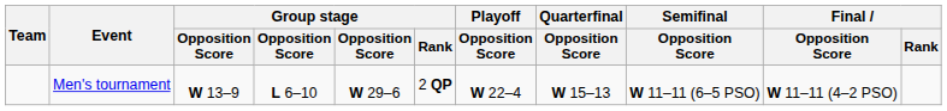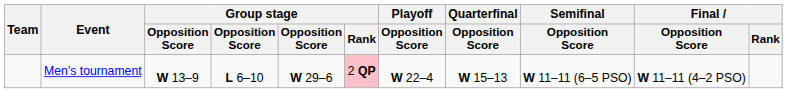 <table class="wikitable" style="text-align:center; font-size:90%;">
 <tr>
 <th rowspan=2>Team</th>
 <th rowspan=2>Event</th>
 <th colspan=4>Group stage</th>
 <th>Playoff</th>
 <th>Quarterfinal</th>
 <th>Semifinal</th>
 <th colspan=2>Final / </th>
 </tr>
 <tr style=font-size:95%>
 <th>Opposition<br>Score</th>
 <th>Opposition<br>Score</th>
 <th>Opposition<br>Score</th>
 <th>Rank</th>
 <th>Opposition<br>Score</th>
 <th>Opposition<br>Score</th>
 <th>Opposition<br>Score</th>
 <th>Opposition<br>Score</th>
 <th>Rank</th>
 </tr>
 <tr>
 <td align=left><strong></strong></td>
 <td align=left><a href='#'>Men's tournament</a></td>
 <td><br><strong>W</strong> 13–9</td>
 <td><br><strong>L</strong> 6–10</td>
 <td><br><strong>W</strong> 29–6</td>
-<td>2 <strong>QP</strong></td>
+<td style="background: pink;">2 <strong>QP</strong></td>
 <td><br><strong>W</strong> 22–4</td>
 <td><br><strong>W</strong> 15–13</td>
 <td><br><strong>W</strong> 11–11 (6–5 PSO)</td>
 <td><br><strong>W</strong> 11–11 (4–2 PSO)</td>
 <td></td>
 </tr>
 </table>
